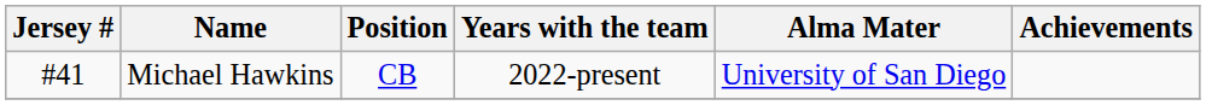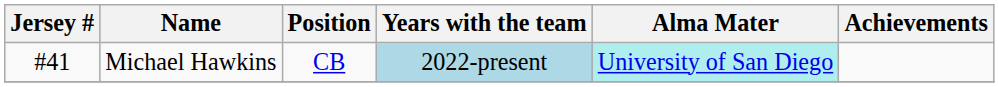 <table class="wikitable" style="text-align:center">
 <tr>
 <th>Jersey #</th>
 <th>Name</th>
 <th>Position</th>
 <th>Years with the team</th>
 <th>Alma Mater</th>
 <th>Achievements</th>
 </tr>
 <tr>
 <td>#41</td>
 <td>Michael Hawkins</td>
 <td><a href='#'>CB</a></td>
-<td>2022-present</td>
-<td><a href='#'>University of San Diego</a></td>
+<td style="background: lightblue;">2022-present</td>
+<td style="background: paleturquoise;"><a href='#'>University of San Diego</a></td>
 <td></td>
 </tr>
 <tr>
 </tr>
 </table>
